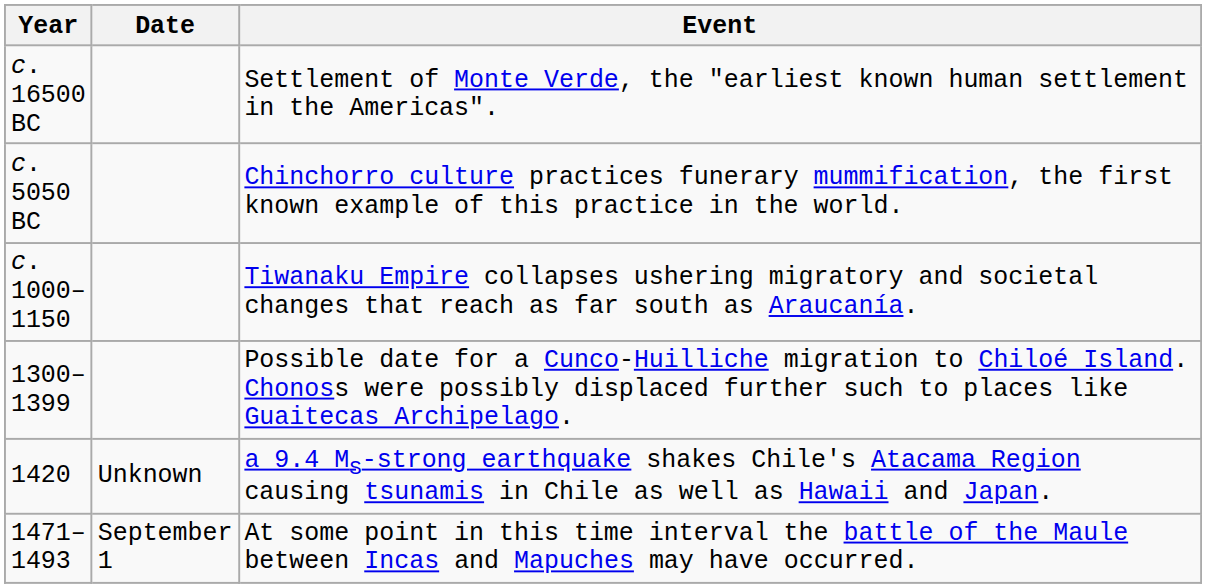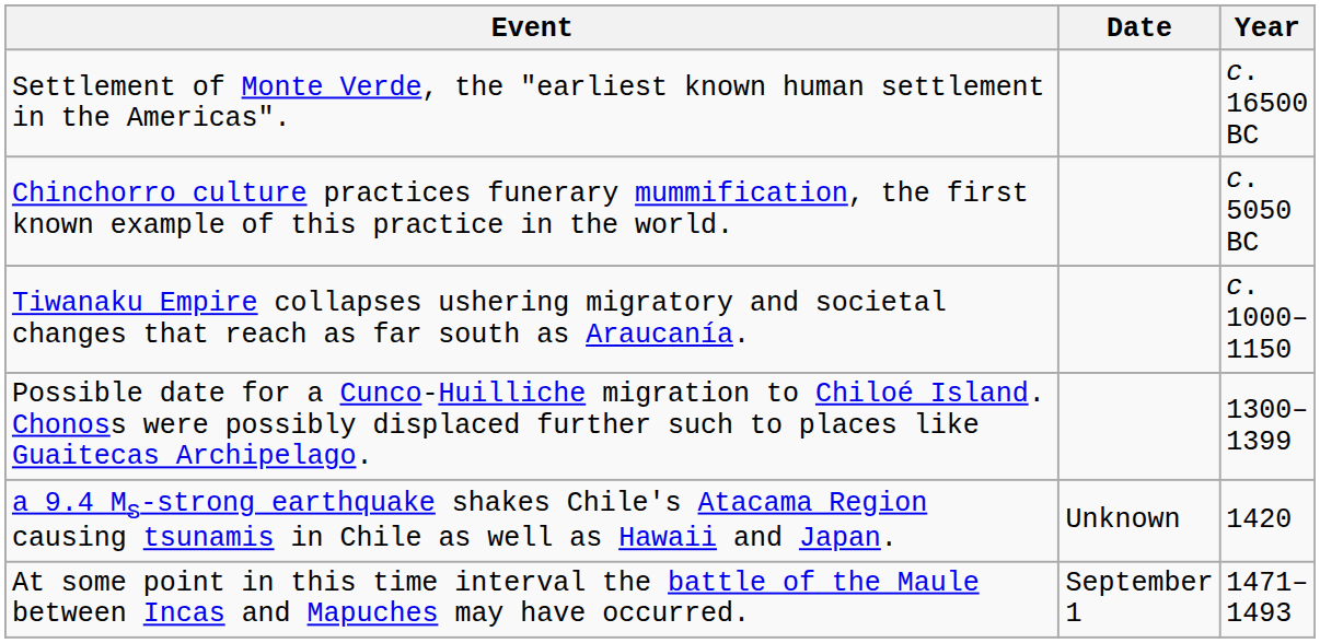 <table class="wikitable" style="width:100%;">
 <tr>
+<th>Event</th>
+<th style="width:10%">Date</th>
 <th style="width:6%">Year</th>
-<th style="width:10%">Date</th>
-<th>Event</th>
 </tr>
 <tr>
+<td>Settlement of <a href='#'>Monte Verde</a>, the "earliest known human settlement in the Americas".</td>
+<td></td>
 <td><em>c</em>. 16500 BC</td>
-<td></td>
-<td>Settlement of <a href='#'>Monte Verde</a>, the "earliest known human settlement in the Americas".</td>
 </tr>
 <tr>
+<td><a href='#'>Chinchorro culture</a> practices funerary <a href='#'>mummification</a>, the first known example of this practice in the world.</td>
+<td></td>
 <td><em>c</em>. 5050 BC</td>
-<td></td>
-<td><a href='#'>Chinchorro culture</a> practices funerary <a href='#'>mummification</a>, the first known example of this practice in the world.</td>
 </tr>
 <tr>
+<td><a href='#'>Tiwanaku Empire</a> collapses ushering migratory and societal changes that reach as far south as <a href='#'>Araucanía</a>.</td>
+<td></td>
 <td><em>c</em>. 1000–1150</td>
-<td></td>
-<td><a href='#'>Tiwanaku Empire</a> collapses ushering migratory and societal changes that reach as far south as <a href='#'>Araucanía</a>.</td>
 </tr>
 <tr>
+<td>Possible date for a <a href='#'>Cunco</a>-<a href='#'>Huilliche</a> migration to <a href='#'>Chiloé Island</a>. <a href='#'>Chonos</a>s were possibly displaced further such to places like <a href='#'>Guaitecas Archipelago</a>.</td>
+<td></td>
 <td>1300–1399</td>
-<td></td>
-<td>Possible date for a <a href='#'>Cunco</a>-<a href='#'>Huilliche</a> migration to <a href='#'>Chiloé Island</a>. <a href='#'>Chonos</a>s were possibly displaced further such to places like <a href='#'>Guaitecas Archipelago</a>.</td>
 </tr>
 <tr>
+<td><a href='#'>a 9.4 M<sub>S</sub>-strong earthquake</a> shakes Chile's <a href='#'>Atacama Region</a> causing <a href='#'>tsunamis</a> in Chile as well as <a href='#'>Hawaii</a> and <a href='#'>Japan</a>.</td>
+<td>Unknown</td>
 <td>1420</td>
-<td>Unknown</td>
-<td><a href='#'>a 9.4 M<sub>S</sub>-strong earthquake</a> shakes Chile's <a href='#'>Atacama Region</a> causing <a href='#'>tsunamis</a> in Chile as well as <a href='#'>Hawaii</a> and <a href='#'>Japan</a>.</td>
 </tr>
 <tr>
+<td>At some point in this time interval the <a href='#'>battle of the Maule</a> between <a href='#'>Incas</a> and <a href='#'>Mapuches</a> may have occurred.</td>
+<td>September 1</td>
 <td>1471–1493</td>
-<td>September 1</td>
-<td>At some point in this time interval the <a href='#'>battle of the Maule</a> between <a href='#'>Incas</a> and <a href='#'>Mapuches</a> may have occurred.</td>
 </tr>
 </table>
